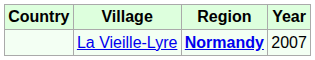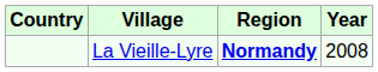 <table class="wikitable">
 <tr>
 <th style="background: #ddffdd;">Country</th>
 <th style="background: #ddffdd;">Village</th>
 <th style="background: #ddffdd;">Region</th>
 <th style="background: #ddffdd;">Year</th>
 </tr>
 <tr>
 <td style="background: #f3fff3;"></td>
 <td style="background: #f3fff3;"><a href='#'>La Vieille-Lyre</a></td>
 <td style="background: #f3fff3;"><strong><a href='#'>Normandy</a></strong></td>
-<td style="background: #f3fff3;">2007</td>
+<td style="background: #f3fff3;">2008</td>
 </tr>
 </table>
